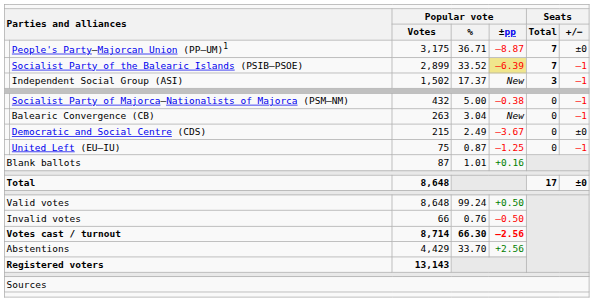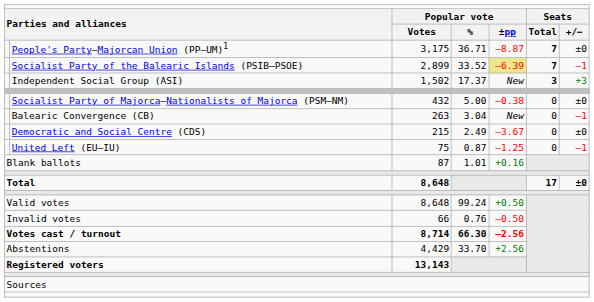 <table class="wikitable" style="text-align:right;">
 <tr>
 <td colspan="7"></td>
 </tr>
 <tr>
 <th style="text-align:left;" rowspan="2" colspan="2" width="525">Parties and alliances</th>
 <th colspan="3">Popular vote</th>
 <th colspan="2">Seats</th>
 </tr>
 <tr>
 <th width="75">Votes</th>
 <th width="45">%</th>
 <th width="45">±<a href='#'>pp</a></th>
 <th width="35">Total</th>
 <th width="35">+/−</th>
 </tr>
 <tr>
 <td width="1" style="color:inherit;background:"></td>
 <td align="left"><a href='#'>People's Party</a>–<a href='#'>Majorcan Union</a> (PP–UM)<sup>1</sup></td>
 <td>3,175</td>
 <td>36.71</td>
 <td style="color:red;">–8.87</td>
 <td><strong>7</strong></td>
 <td>±0</td>
 </tr>
 <tr>
 <td style="color:inherit;background:"></td>
 <td align="left"><a href='#'>Socialist Party of the Balearic Islands</a> (PSIB–PSOE)</td>
 <td>2,899</td>
 <td>33.52</td>
 <td style="background: khaki; color:red;">–6.39</td>
 <td><strong>7</strong></td>
 <td style="color:red;">–1</td>
 </tr>
 <tr>
 <td style="color:inherit;background:"></td>
 <td align="left">Independent Social Group (ASI)</td>
 <td>1,502</td>
 <td>17.37</td>
 <td><em>New</em></td>
 <td><strong>3</strong></td>
-<td style="color:red;">–1</td>
+<td style="color:green;">+3</td>
 </tr>
 <tr>
 <td colspan="7" bgcolor="#C0C0C0"></td>
 </tr>
 <tr>
 <td style="color:inherit;background:"></td>
 <td align="left"><a href='#'>Socialist Party of Majorca</a>–<a href='#'>Nationalists of Majorca</a> (PSM–NM)</td>
 <td>432</td>
 <td>5.00</td>
 <td style="color:red;">–0.38</td>
 <td>0</td>
-<td style="color:red;">–1</td>
+<td>±0</td>
 </tr>
 <tr>
 <td style="color:inherit;background:"></td>
 <td align="left">Balearic Convergence (CB)</td>
 <td>263</td>
 <td>3.04</td>
 <td><em>New</em></td>
 <td>0</td>
 <td style="color:red;">–1</td>
 </tr>
 <tr>
 <td style="color:inherit;background:"></td>
 <td align="left"><a href='#'>Democratic and Social Centre</a> (CDS)</td>
 <td>215</td>
 <td>2.49</td>
 <td style="color:red;">–3.67</td>
 <td>0</td>
 <td>±0</td>
 </tr>
 <tr>
 <td style="color:inherit;background:"></td>
 <td align="left"><a href='#'>United Left</a> (EU–IU)</td>
 <td>75</td>
 <td>0.87</td>
 <td style="color:red;">–1.25</td>
 <td>0</td>
 <td style="color:red;">–1</td>
 </tr>
 <tr>
 <td align="left" colspan="2">Blank ballots</td>
 <td>87</td>
 <td>1.01</td>
 <td style="color:green;">+0.16</td>
 <td bgcolor="#E9E9E9" colspan="2"></td>
 </tr>
 <tr>
 <td colspan="7" bgcolor="#E9E9E9"></td>
 </tr>
 <tr style="font-weight:bold;">
 <td align="left" colspan="2">Total</td>
 <td>8,648</td>
 <td bgcolor="#E9E9E9" colspan="2"></td>
 <td>17</td>
 <td>±0</td>
 </tr>
 <tr>
 <td colspan="7" bgcolor="#E9E9E9"></td>
 </tr>
 <tr>
 <td align="left" colspan="2">Valid votes</td>
 <td>8,648</td>
 <td>99.24</td>
 <td style="color:green;">+0.50</td>
 <td bgcolor="#E9E9E9" colspan="2" rowspan="5"></td>
 </tr>
 <tr>
 <td align="left" colspan="2">Invalid votes</td>
 <td>66</td>
 <td>0.76</td>
 <td style="color:red;">–0.50</td>
 </tr>
 <tr style="font-weight:bold;">
 <td align="left" colspan="2">Votes cast / turnout</td>
 <td>8,714</td>
 <td>66.30</td>
 <td style="color:red;">–2.56</td>
 </tr>
 <tr>
 <td align="left" colspan="2">Abstentions</td>
 <td>4,429</td>
 <td>33.70</td>
 <td style="color:green;">+2.56</td>
 </tr>
 <tr style="font-weight:bold;">
 <td align="left" colspan="2">Registered voters</td>
 <td>13,143</td>
 <td bgcolor="#E9E9E9" colspan="2"></td>
 </tr>
 <tr>
 <td colspan="7" bgcolor="#E9E9E9"></td>
 </tr>
 <tr>
 <td align="left" colspan="7">Sources</td>
 </tr>
 <tr>
 <td colspan="7" style="text-align:left; max-width:790px;"></td>
 </tr>
 </table>
